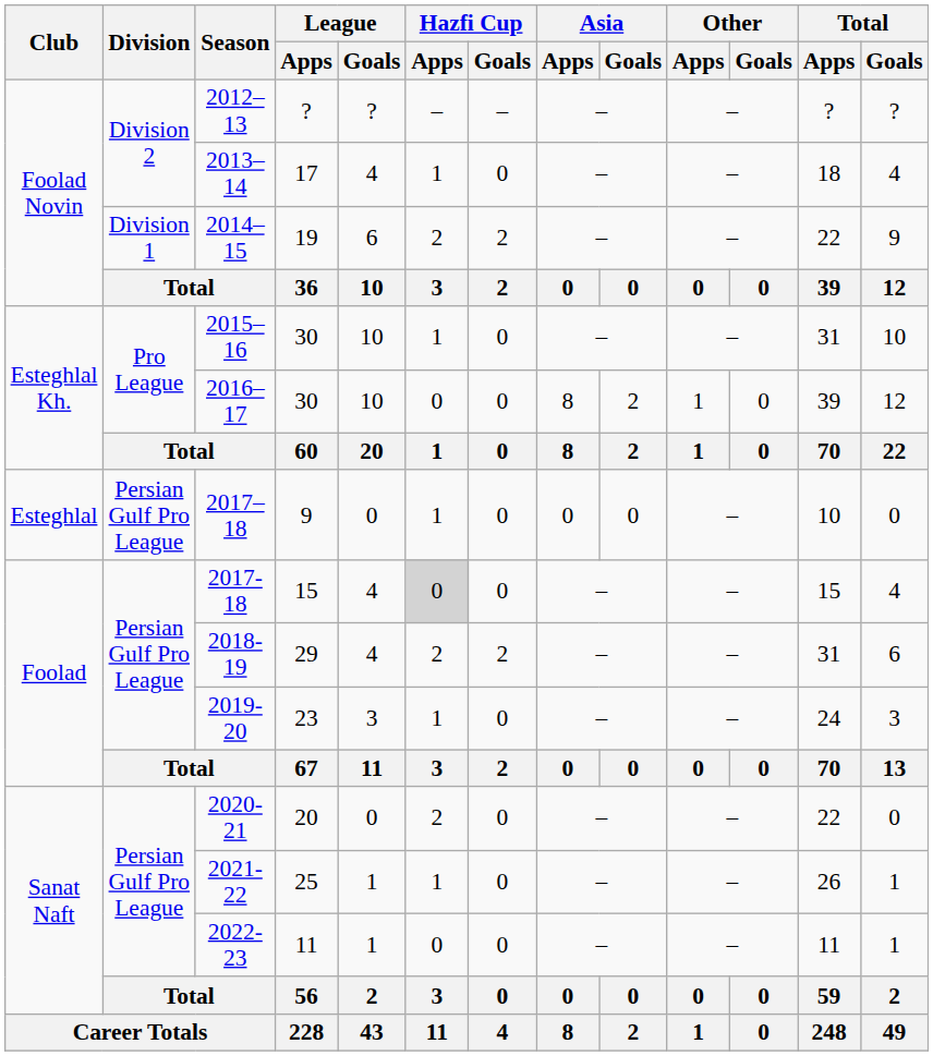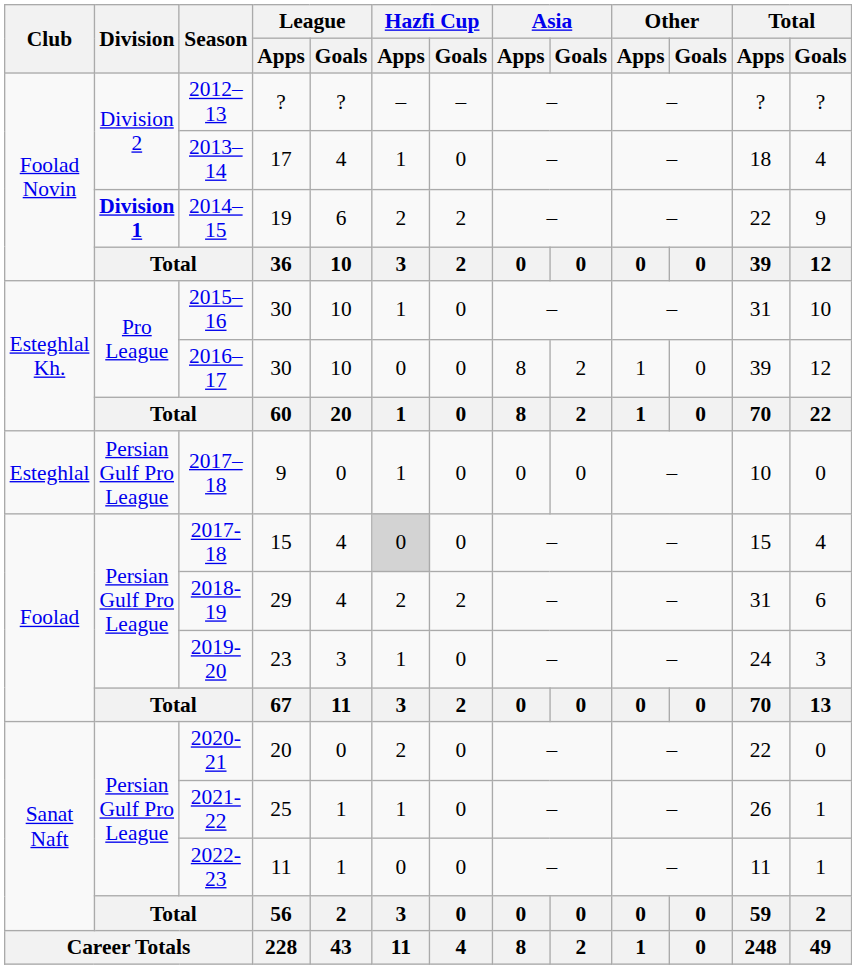 <table class="wikitable" style="text-align: center;">
 <tr>
 <th rowspan="2">Club</th>
 <th rowspan="2">Division</th>
 <th rowspan="2">Season</th>
 <th colspan="2">League</th>
 <th colspan="2"><a href='#'>Hazfi Cup</a></th>
 <th colspan="2"><a href='#'>Asia</a></th>
 <th colspan="2">Other</th>
 <th colspan="2">Total</th>
 </tr>
 <tr>
 <th>Apps</th>
 <th>Goals</th>
 <th>Apps</th>
 <th>Goals</th>
 <th>Apps</th>
 <th>Goals</th>
 <th>Apps</th>
 <th>Goals</th>
 <th>Apps</th>
 <th>Goals</th>
 </tr>
 <tr>
 <td rowspan="4"><a href='#'>Foolad Novin</a></td>
 <td rowspan="2"><a href='#'>Division 2</a></td>
 <td><a href='#'>2012–13</a></td>
 <td>?</td>
 <td>?</td>
 <td>–</td>
 <td>–</td>
 <td colspan="2">–</td>
 <td colspan="2">–</td>
 <td>?</td>
 <td>?</td>
 </tr>
 <tr>
 <td><a href='#'>2013–14</a></td>
 <td>17</td>
 <td>4</td>
 <td>1</td>
 <td>0</td>
 <td colspan="2">–</td>
 <td colspan="2">–</td>
 <td>18</td>
 <td>4</td>
 </tr>
 <tr>
-<td><a href='#'>Division 1</a></td>
+<td><strong><a href='#'>Division 1</a></strong></td>
 <td><a href='#'>2014–15</a></td>
 <td>19</td>
 <td>6</td>
 <td>2</td>
 <td>2</td>
 <td colspan="2">–</td>
 <td colspan="2">–</td>
 <td>22</td>
 <td>9</td>
 </tr>
 <tr>
 <th colspan=2>Total</th>
 <th>36</th>
 <th>10</th>
 <th>3</th>
 <th>2</th>
 <th>0</th>
 <th>0</th>
 <th>0</th>
 <th>0</th>
 <th>39</th>
 <th>12</th>
 </tr>
 <tr>
 <td rowspan="3"><a href='#'>Esteghlal Kh.</a></td>
 <td rowspan="2"><a href='#'>Pro League</a></td>
 <td><a href='#'>2015–16</a></td>
 <td>30</td>
 <td>10</td>
 <td>1</td>
 <td>0</td>
 <td colspan="2">–</td>
 <td colspan="2">–</td>
 <td>31</td>
 <td>10</td>
 </tr>
 <tr>
 <td><a href='#'>2016–17</a></td>
 <td>30</td>
 <td>10</td>
 <td>0</td>
 <td>0</td>
 <td>8</td>
 <td>2</td>
 <td>1</td>
 <td>0</td>
 <td>39</td>
 <td>12</td>
 </tr>
 <tr>
 <th colspan=2>Total</th>
 <th>60</th>
 <th>20</th>
 <th>1</th>
 <th>0</th>
 <th>8</th>
 <th>2</th>
 <th>1</th>
 <th>0</th>
 <th>70</th>
 <th>22</th>
 </tr>
 <tr>
 <td><a href='#'>Esteghlal</a></td>
 <td><a href='#'>Persian Gulf Pro League</a></td>
 <td rowspan="1"><a href='#'>2017–18</a></td>
 <td>9</td>
 <td>0</td>
 <td>1</td>
 <td>0</td>
 <td>0</td>
 <td>0</td>
 <td colspan="2">–</td>
 <td>10</td>
 <td>0</td>
 </tr>
 <tr>
 <td rowspan="4"><a href='#'>Foolad</a></td>
 <td rowspan="3"><a href='#'>Persian Gulf Pro League</a></td>
 <td><a href='#'>2017-18</a></td>
 <td>15</td>
 <td>4</td>
 <td style="background: lightgrey;">0</td>
 <td>0</td>
 <td colspan="2">–</td>
 <td colspan="2">–</td>
 <td>15</td>
 <td>4</td>
 </tr>
 <tr>
 <td><a href='#'>2018-19</a></td>
 <td>29</td>
 <td>4</td>
 <td>2</td>
 <td>2</td>
 <td colspan="2">–</td>
 <td colspan="2">–</td>
 <td>31</td>
 <td>6</td>
 </tr>
 <tr>
 <td><a href='#'>2019-20</a></td>
 <td>23</td>
 <td>3</td>
 <td>1</td>
 <td>0</td>
 <td colspan="2">–</td>
 <td colspan="2">–</td>
 <td>24</td>
 <td>3</td>
 </tr>
 <tr>
 <th colspan=2>Total</th>
 <th>67</th>
 <th>11</th>
 <th>3</th>
 <th>2</th>
 <th>0</th>
 <th>0</th>
 <th>0</th>
 <th>0</th>
 <th>70</th>
 <th>13</th>
 </tr>
 <tr>
 <td rowspan="4"><a href='#'>Sanat Naft</a></td>
 <td rowspan="3"><a href='#'>Persian Gulf Pro League</a></td>
 <td><a href='#'>2020-21</a></td>
 <td>20</td>
 <td>0</td>
 <td>2</td>
 <td>0</td>
 <td colspan="2">–</td>
 <td colspan="2">–</td>
 <td>22</td>
 <td>0</td>
 </tr>
 <tr>
 <td><a href='#'>2021-22</a></td>
 <td>25</td>
 <td>1</td>
 <td>1</td>
 <td>0</td>
 <td colspan="2">–</td>
 <td colspan="2">–</td>
 <td>26</td>
 <td>1</td>
 </tr>
 <tr>
 <td><a href='#'>2022-23</a></td>
 <td>11</td>
 <td>1</td>
 <td>0</td>
 <td>0</td>
 <td colspan="2">–</td>
 <td colspan="2">–</td>
 <td>11</td>
 <td>1</td>
 </tr>
 <tr>
 <th colspan=2>Total</th>
 <th>56</th>
 <th>2</th>
 <th>3</th>
 <th>0</th>
 <th>0</th>
 <th>0</th>
 <th>0</th>
 <th>0</th>
 <th>59</th>
 <th>2</th>
 </tr>
 <tr>
 <th colspan="3">Career Totals</th>
 <th>228</th>
 <th>43</th>
 <th>11</th>
 <th>4</th>
 <th>8</th>
 <th>2</th>
 <th>1</th>
 <th>0</th>
 <th>248</th>
 <th>49</th>
 </tr>
 </table>
